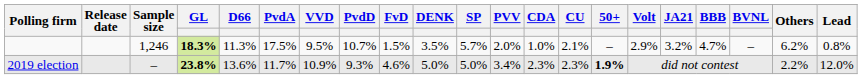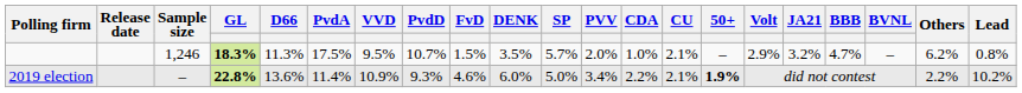 <table class="wikitable sortable tpl-blanktable" style="text-align:center;font-size:90%;line-height:14px;">
 <tr>
 <th rowspan="2">Polling firm</th>
 <th rowspan="2">Release<br>date</th>
 <th rowspan="2">Sample<br>size</th>
 <th class="unsortable" style="width:30px;"><a href='#'>GL</a></th>
 <th class="unsortable" style="width:30px;"><a href='#'>D66</a></th>
 <th class="unsortable" style="width:30px;"><a href='#'>PvdA</a></th>
 <th class="unsortable" style="width:30px;"><a href='#'>VVD</a></th>
 <th class="unsortable" style="width:30px;"><a href='#'>PvdD</a></th>
 <th class="unsortable" style="width:30px;"><a href='#'>FvD</a></th>
 <th class="unsortable" style="width:30px;"><a href='#'>DENK</a></th>
 <th class="unsortable" style="width:30px;"><a href='#'>SP</a></th>
 <th class="unsortable" style="width:30px;"><a href='#'>PVV</a></th>
 <th class="unsortable" style="width:30px;"><a href='#'>CDA</a></th>
 <th class="unsortable" style="width:30px;"><a href='#'>CU</a></th>
 <th class="unsortable" style="width:30px;"><a href='#'>50+</a></th>
 <th class="unsortable" style="width:30px;"><a href='#'>Volt</a></th>
 <th class="unsortable" style="width:30px;"><a href='#'>JA21</a></th>
 <th class="unsortable" style="width:30px;"><a href='#'>BBB</a></th>
 <th class="unsortable" style="width:30px;"><a href='#'>BVNL</a></th>
 <th class="unsortable" style="width:30px;" rowspan="2">Others</th>
 <th rowspan="2">Lead</th>
 </tr>
 <tr>
 <th data-sort-type="number" style="background:"></th>
 <th data-sort-type="number" style="background:"></th>
 <th data-sort-type="number" style="background:"></th>
 <th data-sort-type="number" style="background:"></th>
 <th data-sort-type="number" style="background:"></th>
 <th data-sort-type="number" style="background:"></th>
 <th data-sort-type="number" style="background:"></th>
 <th data-sort-type="number" style="background:"></th>
 <th data-sort-type="number" style="background:"></th>
 <th data-sort-type="number" style="background:"></th>
 <th data-sort-type="number" style="background:"></th>
 <th data-sort-type="number" style="background:"></th>
 <th data-sort-type="number" style="background:"></th>
 <th data-sort-type="number" style="background:"></th>
 <th data-sort-type="number" style="background:"></th>
 <th data-sort-type="number" style="background:"></th>
 </tr>
 <tr>
 <td></td>
 <td></td>
 <td>1,246</td>
 <td style="background:#d3ea9e"><strong>18.3%</strong></td>
 <td>11.3%</td>
 <td>17.5%</td>
 <td>9.5%</td>
 <td>10.7%</td>
 <td>1.5%</td>
 <td>3.5%</td>
 <td>5.7%</td>
 <td>2.0%</td>
 <td>1.0%</td>
 <td>2.1%</td>
 <td>–</td>
 <td>2.9%</td>
 <td>3.2%</td>
 <td>4.7%</td>
 <td>–</td>
 <td>6.2%</td>
 <td style="background:">0.8%</td>
 </tr>
 <tr style="background:#E9E9E9;">
 <td><a href='#'>2019 election</a></td>
 <td></td>
 <td>–</td>
-<td style="background:#d3ea9e"><strong>23.8%</strong></td>
+<td style="background:#d3ea9e"><strong>22.8%</strong></td>
 <td>13.6%</td>
-<td>11.7%</td>
+<td>11.4%</td>
 <td>10.9%</td>
 <td>9.3%</td>
 <td>4.6%</td>
-<td>5.0%</td>
+<td>6.0%</td>
 <td>5.0%</td>
 <td>3.4%</td>
-<td>2.3%</td>
-<td>2.3%</td>
+<td>2.2%</td>
+<td>2.1%</td>
 <td><strong>1.9%</strong></td>
 <td colspan=4><em>did not contest</em></td>
 <td>2.2%</td>
-<td style="background:">12.0%</td>
+<td style="background:">10.2%</td>
 </tr>
 </table>
